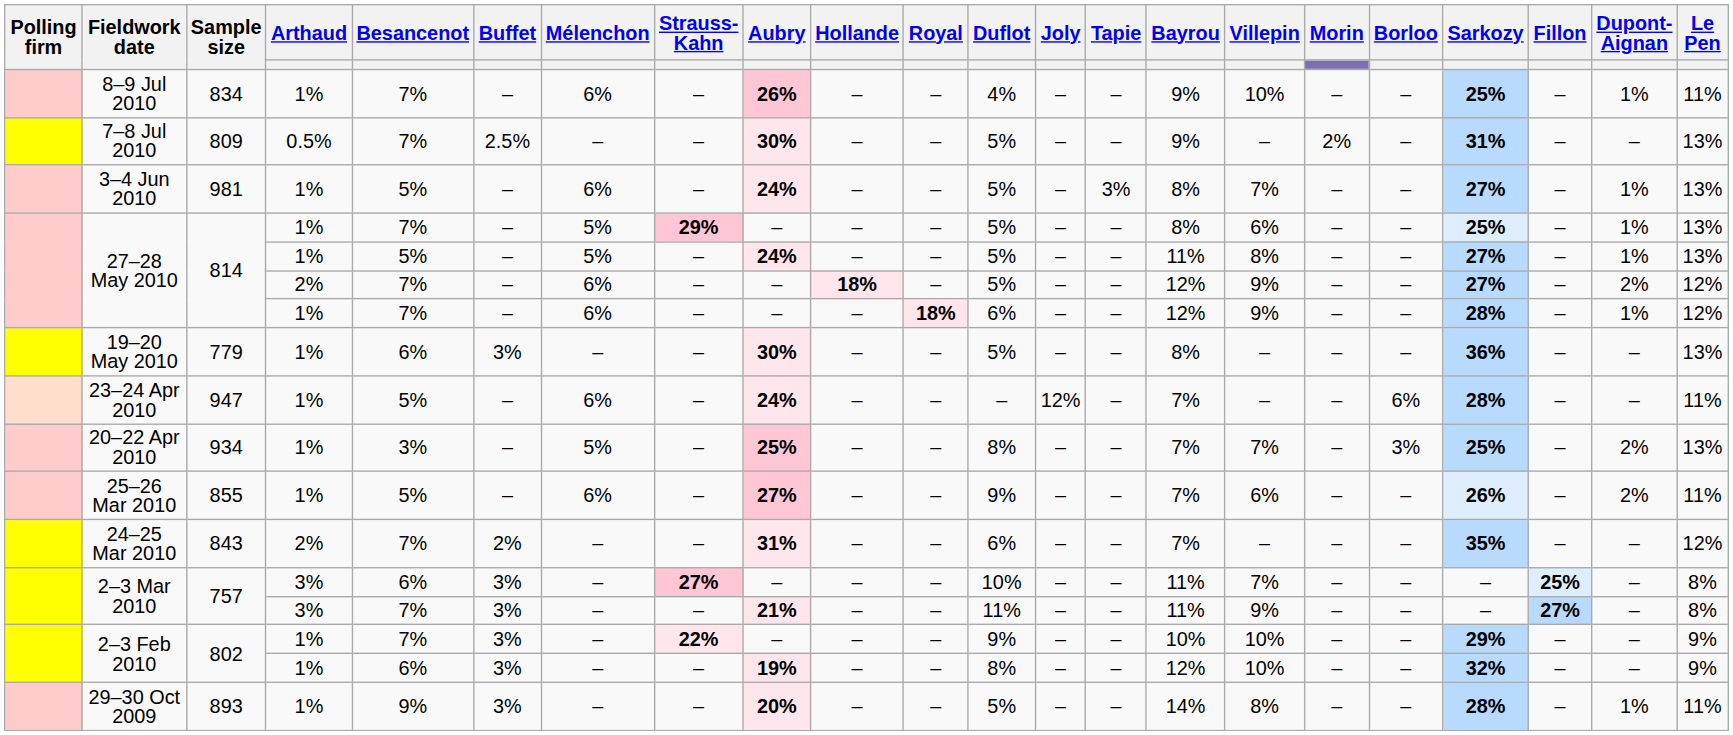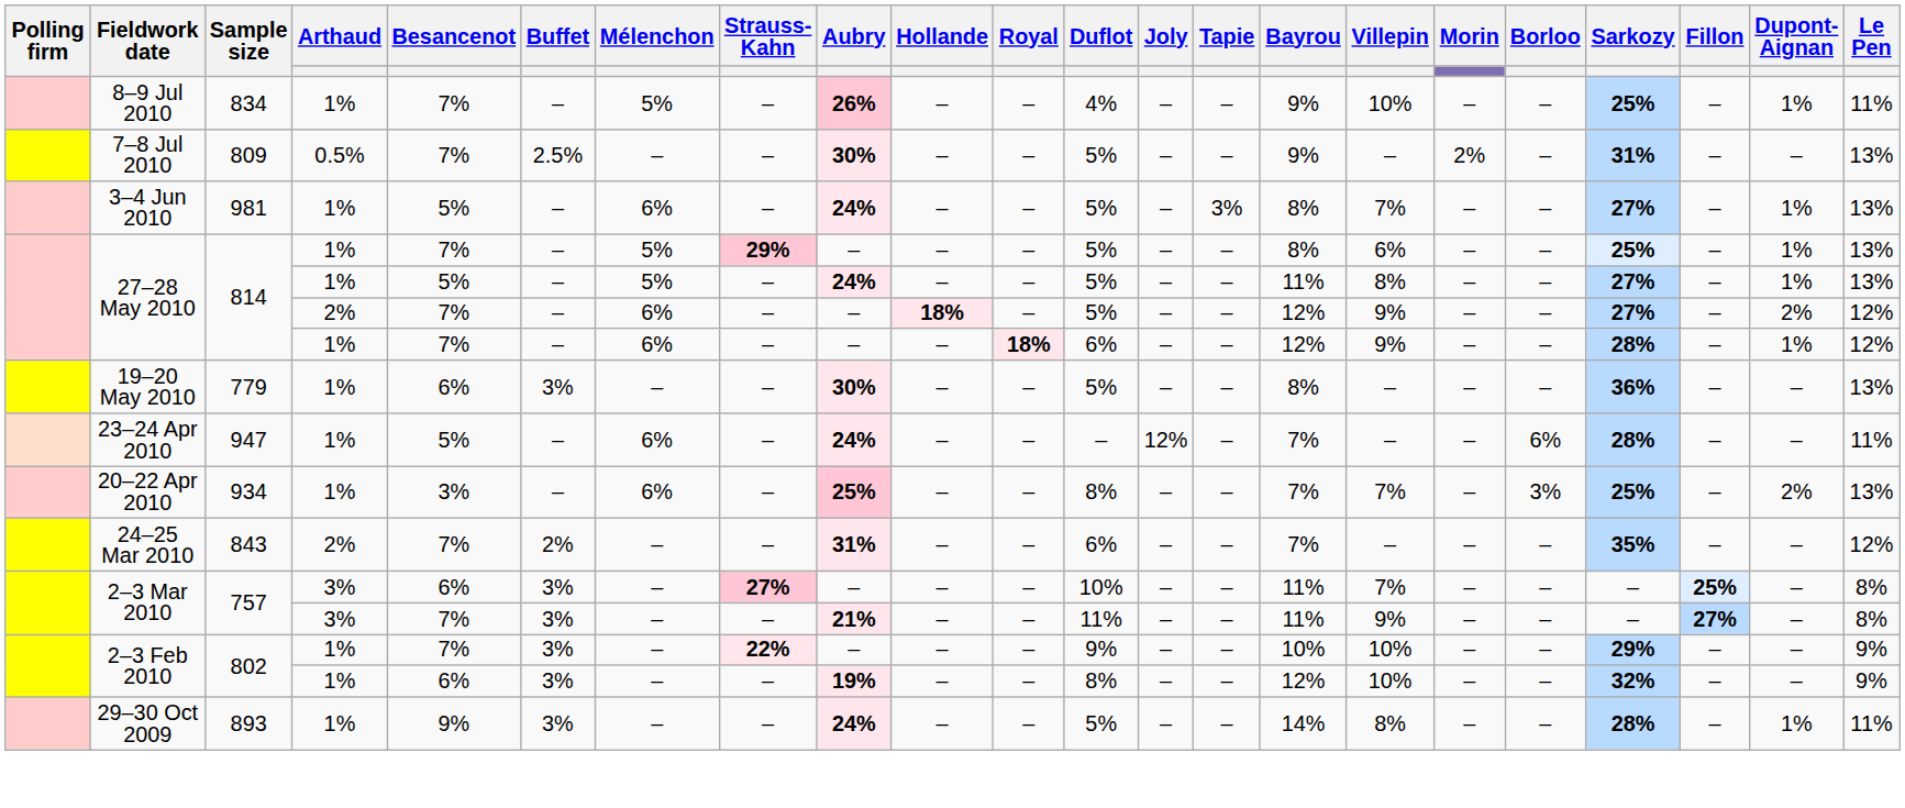 <table class="wikitable sortable" style="text-align:center;font-size:90%;line-height:14px;">
 <tr style="height:40px;">
 <th style="width:100px;" rowspan="2">Polling firm</th>
 <th style="width:110px;" rowspan="2">Fieldwork date</th>
 <th style="width:35px;" rowspan="2">Sample<br>size</th>
 <th class="unsortable" style="width:60px;"><a href='#'>Arthaud</a><br></th>
 <th class="unsortable" style="width:60px;"><a href='#'>Besancenot</a><br></th>
 <th class="unsortable" style="width:60px;"><a href='#'>Buffet</a><br></th>
 <th class="unsortable" style="width:60px;"><a href='#'>Mélenchon</a><br></th>
 <th class="unsortable" style="width:60px;"><a href='#'>Strauss-Kahn</a><br></th>
 <th class="unsortable" style="width:60px;"><a href='#'>Aubry</a><br></th>
 <th class="unsortable" style="width:60px;"><a href='#'>Hollande</a><br></th>
 <th class="unsortable" style="width:60px;"><a href='#'>Royal</a><br></th>
 <th class="unsortable" style="width:60px;"><a href='#'>Duflot</a><br></th>
 <th class="unsortable" style="width:60px;"><a href='#'>Joly</a><br></th>
 <th class="unsortable" style="width:60px;"><a href='#'>Tapie</a><br></th>
 <th class="unsortable" style="width:60px;"><a href='#'>Bayrou</a><br></th>
 <th class="unsortable" style="width:60px;"><a href='#'>Villepin</a><br></th>
 <th class="unsortable" style="width:60px;"><a href='#'>Morin</a><br></th>
 <th class="unsortable" style="width:60px;"><a href='#'>Borloo</a><br></th>
 <th class="unsortable" style="width:60px;"><a href='#'>Sarkozy</a><br></th>
 <th class="unsortable" style="width:60px;"><a href='#'>Fillon</a><br></th>
 <th class="unsortable" style="width:60px;"><a href='#'>Dupont-Aignan</a><br></th>
 <th class="unsortable" style="width:60px;"><a href='#'>Le Pen</a><br></th>
 </tr>
 <tr>
 <th style="background:"></th>
 <th style="background:"></th>
 <th style="background:"></th>
 <th style="background:"></th>
 <th style="background:"></th>
 <th style="background:"></th>
 <th style="background:"></th>
 <th style="background:"></th>
 <th style="background:"></th>
 <th style="background:"></th>
 <th style="background:"></th>
 <th style="background:"></th>
 <th style="background:"></th>
 <th style="background:#7C6EAF;"></th>
 <th style="background:"></th>
 <th style="background:"></th>
 <th style="background:"></th>
 <th style="background:"></th>
 <th style="background:"></th>
 </tr>
 <tr>
 <td style="background:#FFCCCC;"></td>
 <td data-sort-value="2010-07-09">8–9 Jul 2010</td>
 <td>834</td>
 <td>1%</td>
 <td>7%</td>
 <td>–</td>
-<td>6%</td>
+<td>5%</td>
 <td>–</td>
 <td style="background:#FFC6D5;"><strong>26%</strong></td>
 <td>–</td>
 <td>–</td>
 <td>4%</td>
 <td>–</td>
 <td>–</td>
 <td>9%</td>
 <td>10%</td>
 <td>–</td>
 <td>–</td>
 <td style="background:#B9DAFF;"><strong>25%</strong></td>
 <td>–</td>
 <td>1%</td>
 <td>11%</td>
 </tr>
 <tr>
 <td style="background:yellow;"></td>
 <td data-sort-value="2010-07-08">7–8 Jul 2010</td>
 <td>809</td>
 <td>0.5%</td>
 <td>7%</td>
 <td>2.5%</td>
 <td>–</td>
 <td>–</td>
 <td style="background:#FFE6EC;"><strong>30%</strong></td>
 <td>–</td>
 <td>–</td>
 <td>5%</td>
 <td>–</td>
 <td>–</td>
 <td>9%</td>
 <td>–</td>
 <td>2%</td>
 <td>–</td>
 <td style="background:#B9DAFF;"><strong>31%</strong></td>
 <td>–</td>
 <td>–</td>
 <td>13%</td>
 </tr>
 <tr>
 <td style="background:#FFCCCC;"></td>
 <td data-sort-value="2010-06-04">3–4 Jun 2010</td>
 <td>981</td>
 <td>1%</td>
 <td>5%</td>
 <td>–</td>
 <td>6%</td>
 <td>–</td>
 <td style="background:#FFE6EC;"><strong>24%</strong></td>
 <td>–</td>
 <td>–</td>
 <td>5%</td>
 <td>–</td>
 <td>3%</td>
 <td>8%</td>
 <td>7%</td>
 <td>–</td>
 <td>–</td>
 <td style="background:#B9DAFF;"><strong>27%</strong></td>
 <td>–</td>
 <td>1%</td>
 <td>13%</td>
 </tr>
 <tr>
 <td rowspan="4" style="background:#FFCCCC;"></td>
 <td rowspan="4" data-sort-value="2010-05-28">27–28 May 2010</td>
 <td rowspan="4">814</td>
 <td>1%</td>
 <td>7%</td>
 <td>–</td>
 <td>5%</td>
 <td style="background:#FFC6D5;"><strong>29%</strong></td>
 <td>–</td>
 <td>–</td>
 <td>–</td>
 <td>5%</td>
 <td>–</td>
 <td>–</td>
 <td>8%</td>
 <td>6%</td>
 <td>–</td>
 <td>–</td>
 <td style="background:#DFEEFF;"><strong>25%</strong></td>
 <td>–</td>
 <td>1%</td>
 <td>13%</td>
 </tr>
 <tr>
 <td>1%</td>
 <td>5%</td>
 <td>–</td>
 <td>5%</td>
 <td>–</td>
 <td style="background:#FFE6EC;"><strong>24%</strong></td>
 <td>–</td>
 <td>–</td>
 <td>5%</td>
 <td>–</td>
 <td>–</td>
 <td>11%</td>
 <td>8%</td>
 <td>–</td>
 <td>–</td>
 <td style="background:#B9DAFF;"><strong>27%</strong></td>
 <td>–</td>
 <td>1%</td>
 <td>13%</td>
 </tr>
 <tr>
 <td>2%</td>
 <td>7%</td>
 <td>–</td>
 <td>6%</td>
 <td>–</td>
 <td>–</td>
 <td style="background:#FFE6EC;"><strong>18%</strong></td>
 <td>–</td>
 <td>5%</td>
 <td>–</td>
 <td>–</td>
 <td>12%</td>
 <td>9%</td>
 <td>–</td>
 <td>–</td>
 <td style="background:#B9DAFF;"><strong>27%</strong></td>
 <td>–</td>
 <td>2%</td>
 <td>12%</td>
 </tr>
 <tr>
 <td>1%</td>
 <td>7%</td>
 <td>–</td>
 <td>6%</td>
 <td>–</td>
 <td>–</td>
 <td>–</td>
 <td style="background:#FFE6EC;"><strong>18%</strong></td>
 <td>6%</td>
 <td>–</td>
 <td>–</td>
 <td>12%</td>
 <td>9%</td>
 <td>–</td>
 <td>–</td>
 <td style="background:#B9DAFF;"><strong>28%</strong></td>
 <td>–</td>
 <td>1%</td>
 <td>12%</td>
 </tr>
 <tr>
 <td style="background:yellow;"></td>
 <td data-sort-value="2010-05-20">19–20 May 2010</td>
 <td>779</td>
 <td>1%</td>
 <td>6%</td>
 <td>3%</td>
 <td>–</td>
 <td>–</td>
 <td style="background:#FFE6EC;"><strong>30%</strong></td>
 <td>–</td>
 <td>–</td>
 <td>5%</td>
 <td>–</td>
 <td>–</td>
 <td>8%</td>
 <td>–</td>
 <td>–</td>
 <td>–</td>
 <td style="background:#B9DAFF;"><strong>36%</strong></td>
 <td>–</td>
 <td>–</td>
 <td>13%</td>
 </tr>
 <tr>
 <td style="background:#FFDFCC;"> </td>
 <td data-sort-value="2010-04-24">23–24 Apr 2010</td>
 <td>947</td>
 <td>1%</td>
 <td>5%</td>
 <td>–</td>
 <td>6%</td>
 <td>–</td>
 <td style="background:#FFE6EC;"><strong>24%</strong></td>
 <td>–</td>
 <td>–</td>
 <td>–</td>
 <td>12%</td>
 <td>–</td>
 <td>7%</td>
 <td>–</td>
 <td>–</td>
 <td>6%</td>
 <td style="background:#B9DAFF;"><strong>28%</strong></td>
 <td>–</td>
 <td>–</td>
 <td>11%</td>
 </tr>
 <tr>
 <td style="background:#FFCCCC;"></td>
 <td data-sort-value="2010-04-22">20–22 Apr 2010</td>
 <td>934</td>
 <td>1%</td>
 <td>3%</td>
 <td>–</td>
-<td>5%</td>
+<td>6%</td>
 <td>–</td>
 <td style="background:#FFC6D5;"><strong>25%</strong></td>
 <td>–</td>
 <td>–</td>
 <td>8%</td>
 <td>–</td>
 <td>–</td>
 <td>7%</td>
 <td>7%</td>
 <td>–</td>
 <td>3%</td>
 <td style="background:#B9DAFF;"><strong>25%</strong></td>
 <td>–</td>
 <td>2%</td>
 <td>13%</td>
-</tr>
-<tr>
-<td style="background:#FFCCCC;"></td>
-<td data-sort-value="2010-03-26">25–26 Mar 2010</td>
-<td>855</td>
-<td>1%</td>
-<td>5%</td>
-<td>–</td>
-<td>6%</td>
-<td>–</td>
-<td style="background:#FFC6D5;"><strong>27%</strong></td>
-<td>–</td>
-<td>–</td>
-<td>9%</td>
-<td>–</td>
-<td>–</td>
-<td>7%</td>
-<td>6%</td>
-<td>–</td>
-<td>–</td>
-<td style="background:#DFEEFF;"><strong>26%</strong></td>
-<td>–</td>
-<td>2%</td>
-<td>11%</td>
 </tr>
 <tr>
 <td style="background:yellow;"></td>
 <td data-sort-value="2010-03-25">24–25 Mar 2010</td>
 <td>843</td>
 <td>2%</td>
 <td>7%</td>
 <td>2%</td>
 <td>–</td>
 <td>–</td>
 <td style="background:#FFE6EC;"><strong>31%</strong></td>
 <td>–</td>
 <td>–</td>
 <td>6%</td>
 <td>–</td>
 <td>–</td>
 <td>7%</td>
 <td>–</td>
 <td>–</td>
 <td>–</td>
 <td style="background:#B9DAFF;"><strong>35%</strong></td>
 <td>–</td>
 <td>–</td>
 <td>12%</td>
 </tr>
 <tr>
 <td rowspan="2" style="background:yellow;"></td>
 <td rowspan="2" data-sort-value="2010-03-03">2–3 Mar 2010</td>
 <td rowspan="2">757</td>
 <td>3%</td>
 <td>6%</td>
 <td>3%</td>
 <td>–</td>
 <td style="background:#FFC6D5;"><strong>27%</strong></td>
 <td>–</td>
 <td>–</td>
 <td>–</td>
 <td>10%</td>
 <td>–</td>
 <td>–</td>
 <td>11%</td>
 <td>7%</td>
 <td>–</td>
 <td>–</td>
 <td>–</td>
 <td style="background:#DFEEFF;"><strong>25%</strong></td>
 <td>–</td>
 <td>8%</td>
 </tr>
 <tr>
 <td>3%</td>
 <td>7%</td>
 <td>3%</td>
 <td>–</td>
 <td>–</td>
 <td style="background:#FFE6EC;"><strong>21%</strong></td>
 <td>–</td>
 <td>–</td>
 <td>11%</td>
 <td>–</td>
 <td>–</td>
 <td>11%</td>
 <td>9%</td>
 <td>–</td>
 <td>–</td>
 <td>–</td>
 <td style="background:#B9DAFF;"><strong>27%</strong></td>
 <td>–</td>
 <td>8%</td>
 </tr>
 <tr>
 <td rowspan="2" style="background:yellow;"></td>
 <td rowspan="2" data-sort-value="2010-02-03">2–3 Feb 2010</td>
 <td rowspan="2">802</td>
 <td>1%</td>
 <td>7%</td>
 <td>3%</td>
 <td>–</td>
 <td style="background:#FFE6EC;"><strong>22%</strong></td>
 <td>–</td>
 <td>–</td>
 <td>–</td>
 <td>9%</td>
 <td>–</td>
 <td>–</td>
 <td>10%</td>
 <td>10%</td>
 <td>–</td>
 <td>–</td>
 <td style="background:#B9DAFF;"><strong>29%</strong></td>
 <td>–</td>
 <td>–</td>
 <td>9%</td>
 </tr>
 <tr>
 <td>1%</td>
 <td>6%</td>
 <td>3%</td>
 <td>–</td>
 <td>–</td>
 <td style="background:#FFE6EC;"><strong>19%</strong></td>
 <td>–</td>
 <td>–</td>
 <td>8%</td>
 <td>–</td>
 <td>–</td>
 <td>12%</td>
 <td>10%</td>
 <td>–</td>
 <td>–</td>
 <td style="background:#B9DAFF;"><strong>32%</strong></td>
 <td>–</td>
 <td>–</td>
 <td>9%</td>
 </tr>
 <tr>
 <td style="background:#FFCCCC;"></td>
 <td data-sort-value="2009-10-30">29–30 Oct 2009</td>
 <td>893</td>
 <td>1%</td>
 <td>9%</td>
 <td>3%</td>
 <td>–</td>
 <td>–</td>
-<td style="background:#FFE6EC;"><strong>20%</strong></td>
+<td style="background:#FFE6EC;"><strong>24%</strong></td>
 <td>–</td>
 <td>–</td>
 <td>5%</td>
 <td>–</td>
 <td>–</td>
 <td>14%</td>
 <td>8%</td>
 <td>–</td>
 <td>–</td>
 <td style="background:#B9DAFF;"><strong>28%</strong></td>
 <td>–</td>
 <td>1%</td>
 <td>11%</td>
 </tr>
 </table>
